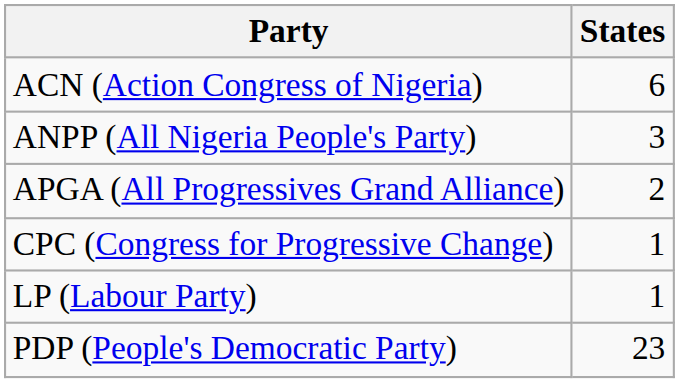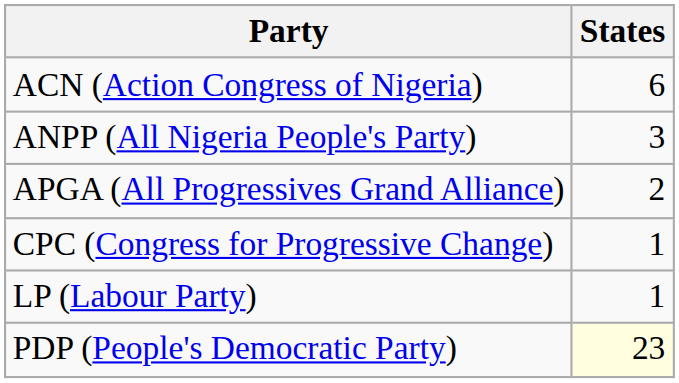 <table class=wikitable>
 <tr>
 <th>Party</th>
 <th>States</th>
 </tr>
 <tr>
 <td>ACN (<a href='#'>Action Congress of Nigeria</a>)</td>
 <td align="right">6</td>
 </tr>
 <tr>
 <td>ANPP (<a href='#'>All Nigeria People's Party</a>)</td>
 <td align="right">3</td>
 </tr>
 <tr>
 <td>APGA (<a href='#'>All Progressives Grand Alliance</a>)</td>
 <td align="right">2</td>
 </tr>
 <tr>
 <td>CPC (<a href='#'>Congress for Progressive Change</a>)</td>
 <td align="right">1</td>
 </tr>
 <tr>
 <td>LP (<a href='#'>Labour Party</a>)</td>
 <td align="right">1</td>
 </tr>
 <tr>
 <td>PDP (<a href='#'>People's Democratic Party</a>)</td>
-<td align="right">23</td>
+<td align="right" style="background: lightyellow;">23</td>
 </tr>
 </table>
